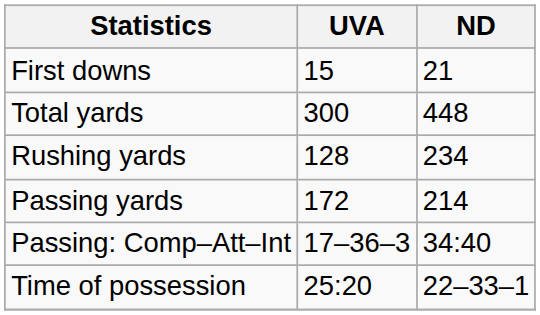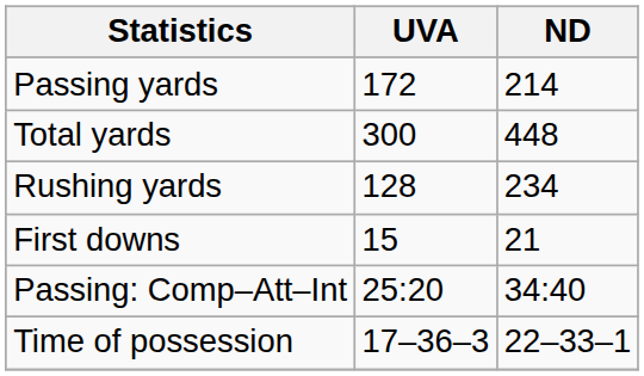 <table class="wikitable" style="float: left;">
 <tr>
 <th>Statistics</th>
 <th>UVA</th>
 <th>ND</th>
 </tr>
 <tr>
-<td>First downs</td>
-<td>15</td>
-<td>21</td>
+<td>Passing yards</td>
+<td>172</td>
+<td>214</td>
 </tr>
 <tr>
 <td>Total yards</td>
 <td>300</td>
 <td>448</td>
 </tr>
 <tr>
 <td>Rushing yards</td>
 <td>128</td>
 <td>234</td>
 </tr>
 <tr>
-<td>Passing yards</td>
-<td>172</td>
-<td>214</td>
+<td>First downs</td>
+<td>15</td>
+<td>21</td>
 </tr>
 <tr>
 <td>Passing: Comp–Att–Int</td>
-<td>17–36–3</td>
+<td>25:20</td>
 <td>34:40</td>
 </tr>
 <tr>
 <td>Time of possession</td>
-<td>25:20</td>
+<td>17–36–3</td>
 <td>22–33–1</td>
 </tr>
 <tr>
 </tr>
 </table>
